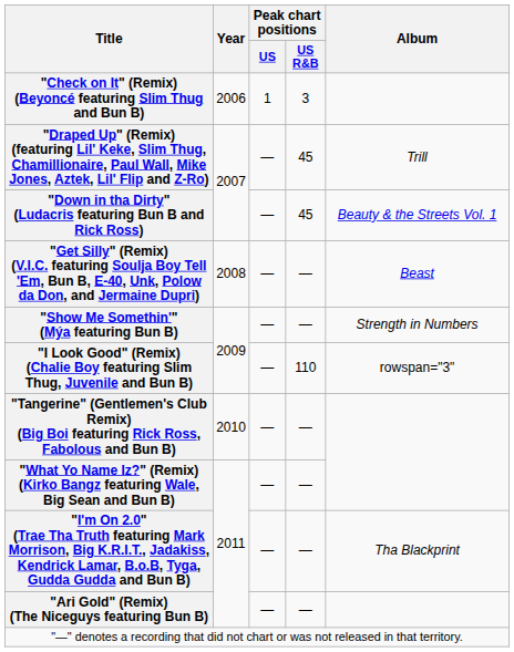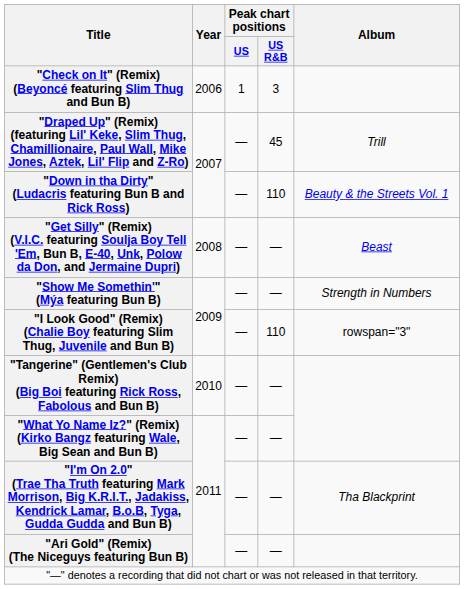 <table class="wikitable plainrowheaders" style="text-align:center;" border="1">
 <tr>
 <th scope="col" rowspan="2" style="width:20em;">Title</th>
 <th scope="col" rowspan="2">Year</th>
 <th scope="col" colspan="2">Peak chart positions</th>
 <th scope="col" rowspan="2" style="width:18em;">Album</th>
 </tr>
 <tr>
 <th scope="col" style="width:3em;font-size:90%;"><a href='#'>US</a></th>
 <th scope="col" style="width:3em;font-size:90%;"><a href='#'>US<br>R&B</a></th>
 </tr>
 <tr>
 <th scope="row">"<a href='#'>Check on It</a>" (Remix)<br><span>(<a href='#'>Beyoncé</a> featuring <a href='#'>Slim Thug</a> and Bun B)</span></th>
 <td>2006</td>
 <td>1</td>
 <td>3</td>
 <td></td>
 </tr>
 <tr>
 <th scope="row">"<a href='#'>Draped Up</a>" (Remix)<br><span>(featuring <a href='#'>Lil' Keke</a>, <a href='#'>Slim Thug</a>, <a href='#'>Chamillionaire</a>, <a href='#'>Paul Wall</a>, <a href='#'>Mike Jones</a>, <a href='#'>Aztek</a>, <a href='#'>Lil' Flip</a> and <a href='#'>Z-Ro</a>)</span></th>
 <td rowspan="2">2007</td>
 <td>—</td>
 <td>45</td>
 <td><em>Trill</em></td>
 </tr>
 <tr>
 <th scope="row">"<a href='#'>Down in tha Dirty</a>"<br><span>(<a href='#'>Ludacris</a> featuring Bun B and <a href='#'>Rick Ross</a>)</span></th>
 <td>—</td>
-<td>45</td>
+<td>110</td>
 <td><em><a href='#'>Beauty & the Streets Vol. 1</a></em></td>
 </tr>
 <tr>
 <th scope="row">"<a href='#'>Get Silly</a>" (Remix)<br><span>(<a href='#'>V.I.C.</a> featuring <a href='#'>Soulja Boy Tell 'Em</a>, Bun B, <a href='#'>E-40</a>, <a href='#'>Unk</a>, <a href='#'>Polow da Don</a>, and <a href='#'>Jermaine Dupri</a>)</span></th>
 <td>2008</td>
 <td>—</td>
 <td>—</td>
 <td><em><a href='#'>Beast</a></em></td>
 </tr>
 <tr>
 <th scope="row">"<a href='#'>Show Me Somethin'</a>"<br><span>(<a href='#'>Mýa</a> featuring Bun B)</span></th>
 <td rowspan="2">2009</td>
 <td>—</td>
 <td>—</td>
 <td><em>Strength in Numbers</em></td>
 </tr>
 <tr>
 <th scope="row">"I Look Good" (Remix)<br><span>(<a href='#'>Chalie Boy</a> featuring Slim Thug, <a href='#'>Juvenile</a> and Bun B)</span></th>
 <td>—</td>
 <td>110</td>
 <td>rowspan="3" </td>
 </tr>
 <tr>
 <th scope="row">"Tangerine" (Gentlemen's Club Remix)<br><span>(<a href='#'>Big Boi</a> featuring <a href='#'>Rick Ross</a>, <a href='#'>Fabolous</a> and Bun B)</span></th>
 <td>2010</td>
 <td>—</td>
 <td>—</td>
 </tr>
 <tr>
 <th scope="row">"<a href='#'>What Yo Name Iz?</a>" (Remix)<br><span>(<a href='#'>Kirko Bangz</a> featuring <a href='#'>Wale</a>, Big Sean and Bun B)</span></th>
 <td rowspan="3">2011</td>
 <td>—</td>
 <td>—</td>
 </tr>
 <tr>
 <th scope="row">"<a href='#'>I'm On 2.0</a>"<br><span>(<a href='#'>Trae Tha Truth</a> featuring <a href='#'>Mark Morrison</a>, <a href='#'>Big K.R.I.T.</a>, <a href='#'>Jadakiss</a>, <a href='#'>Kendrick Lamar</a>, <a href='#'>B.o.B</a>, <a href='#'>Tyga</a>, <a href='#'>Gudda Gudda</a> and Bun B)</span></th>
 <td>—</td>
 <td>—</td>
 <td><em>Tha Blackprint</em></td>
 </tr>
 <tr>
 <th scope="row">"Ari Gold" (Remix)<br><span>(The Niceguys featuring Bun B)</span></th>
 <td>—</td>
 <td>—</td>
 <td></td>
 </tr>
 <tr>
 <td colspan="5" style="font-size:90%">"—" denotes a recording that did not chart or was not released in that territory.</td>
 </tr>
 </table>
